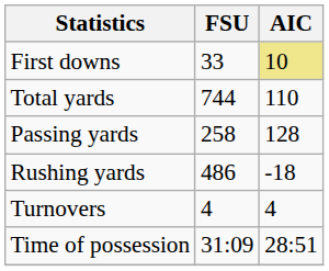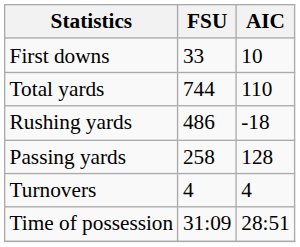 <table class="wikitable">
 <tr>
 <th>Statistics</th>
 <th>FSU</th>
 <th>AIC</th>
 </tr>
 <tr>
 <td>First downs</td>
 <td>33</td>
-<td style="background: khaki;">10</td>
+<td>10</td>
 </tr>
 <tr>
 <td>Total yards</td>
 <td>744</td>
 <td>110</td>
 </tr>
 <tr>
+<td>Rushing yards</td>
+<td>486</td>
+<td>-18</td>
+</tr>
+<tr>
 <td>Passing yards</td>
 <td>258</td>
 <td>128</td>
-</tr>
-<tr>
-<td>Rushing yards</td>
-<td>486</td>
-<td>-18</td>
 </tr>
 <tr>
 <td>Turnovers</td>
 <td>4</td>
 <td>4</td>
 </tr>
 <tr>
 <td>Time of possession</td>
 <td>31:09</td>
 <td>28:51</td>
 </tr>
 <tr>
 </tr>
 </table>
